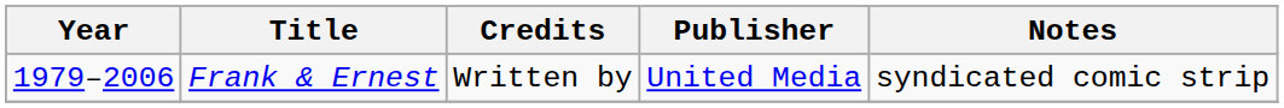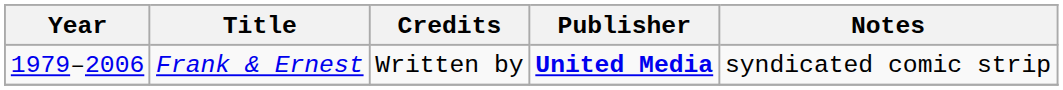 <table class="wikitable">
 <tr>
 <th rowspan="1">Year</th>
 <th rowspan="1">Title</th>
 <th rowspan="1">Credits</th>
 <th rowspan="1">Publisher</th>
 <th rowspan="1">Notes</th>
 </tr>
 <tr>
 <td><a href='#'>1979</a>–<a href='#'>2006</a></td>
 <td><em><a href='#'>Frank & Ernest</a></em></td>
 <td>Written by</td>
-<td><a href='#'>United Media</a></td>
+<td><strong><a href='#'>United Media</a></strong></td>
 <td>syndicated comic strip</td>
 </tr>
 <tr>
 </tr>
 </table>
